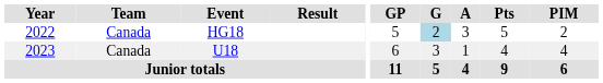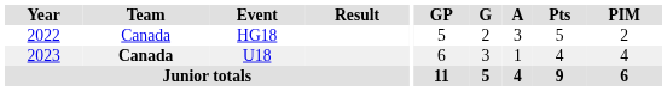 <table border="0" cellpadding="1" cellspacing="0" ID="Table3" style="text-align:center; width:40em">
 <tr bgcolor="#e0e0e0">
 <th>Year</th>
 <th>Team</th>
 <th>Event</th>
 <th>Result</th>
 <th rowspan="99" bgcolor="#ffffff"></th>
 <th>GP</th>
 <th>G</th>
 <th>A</th>
 <th>Pts</th>
 <th>PIM</th>
 </tr>
 <tr>
 <td><a href='#'>2022</a></td>
 <td><a href='#'>Canada</a></td>
 <td><a href='#'>HG18</a></td>
 <td></td>
 <td>5</td>
-<td style="background: lightblue;">2</td>
+<td>2</td>
 <td>3</td>
 <td>5</td>
 <td>2</td>
 </tr>
 <tr bgcolor="#f0f0f0">
 <td><a href='#'>2023</a></td>
-<td>Canada</td>
+<td><strong>Canada</strong></td>
 <td><a href='#'>U18</a></td>
 <td></td>
 <td>6</td>
 <td>3</td>
 <td>1</td>
 <td>4</td>
 <td>4</td>
 </tr>
 <tr bgcolor="#e0e0e0">
 <th colspan="4">Junior totals</th>
 <th>11</th>
 <th>5</th>
 <th>4</th>
 <th>9</th>
 <th>6</th>
 </tr>
 </table>
